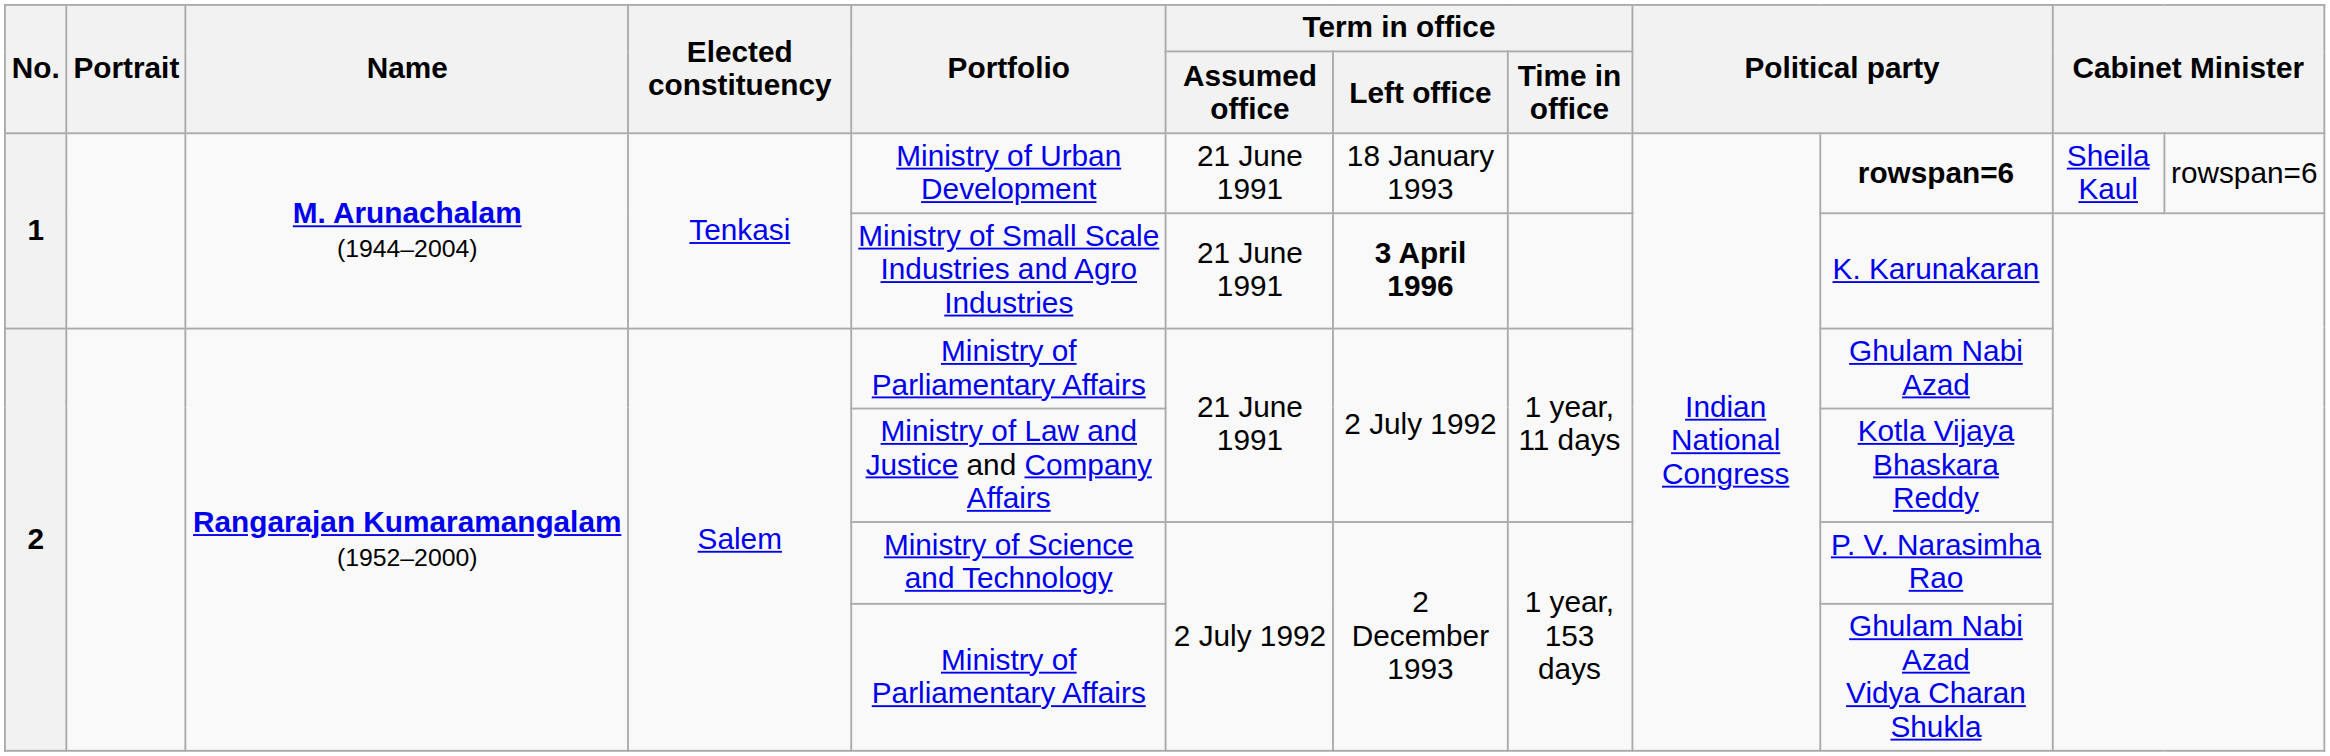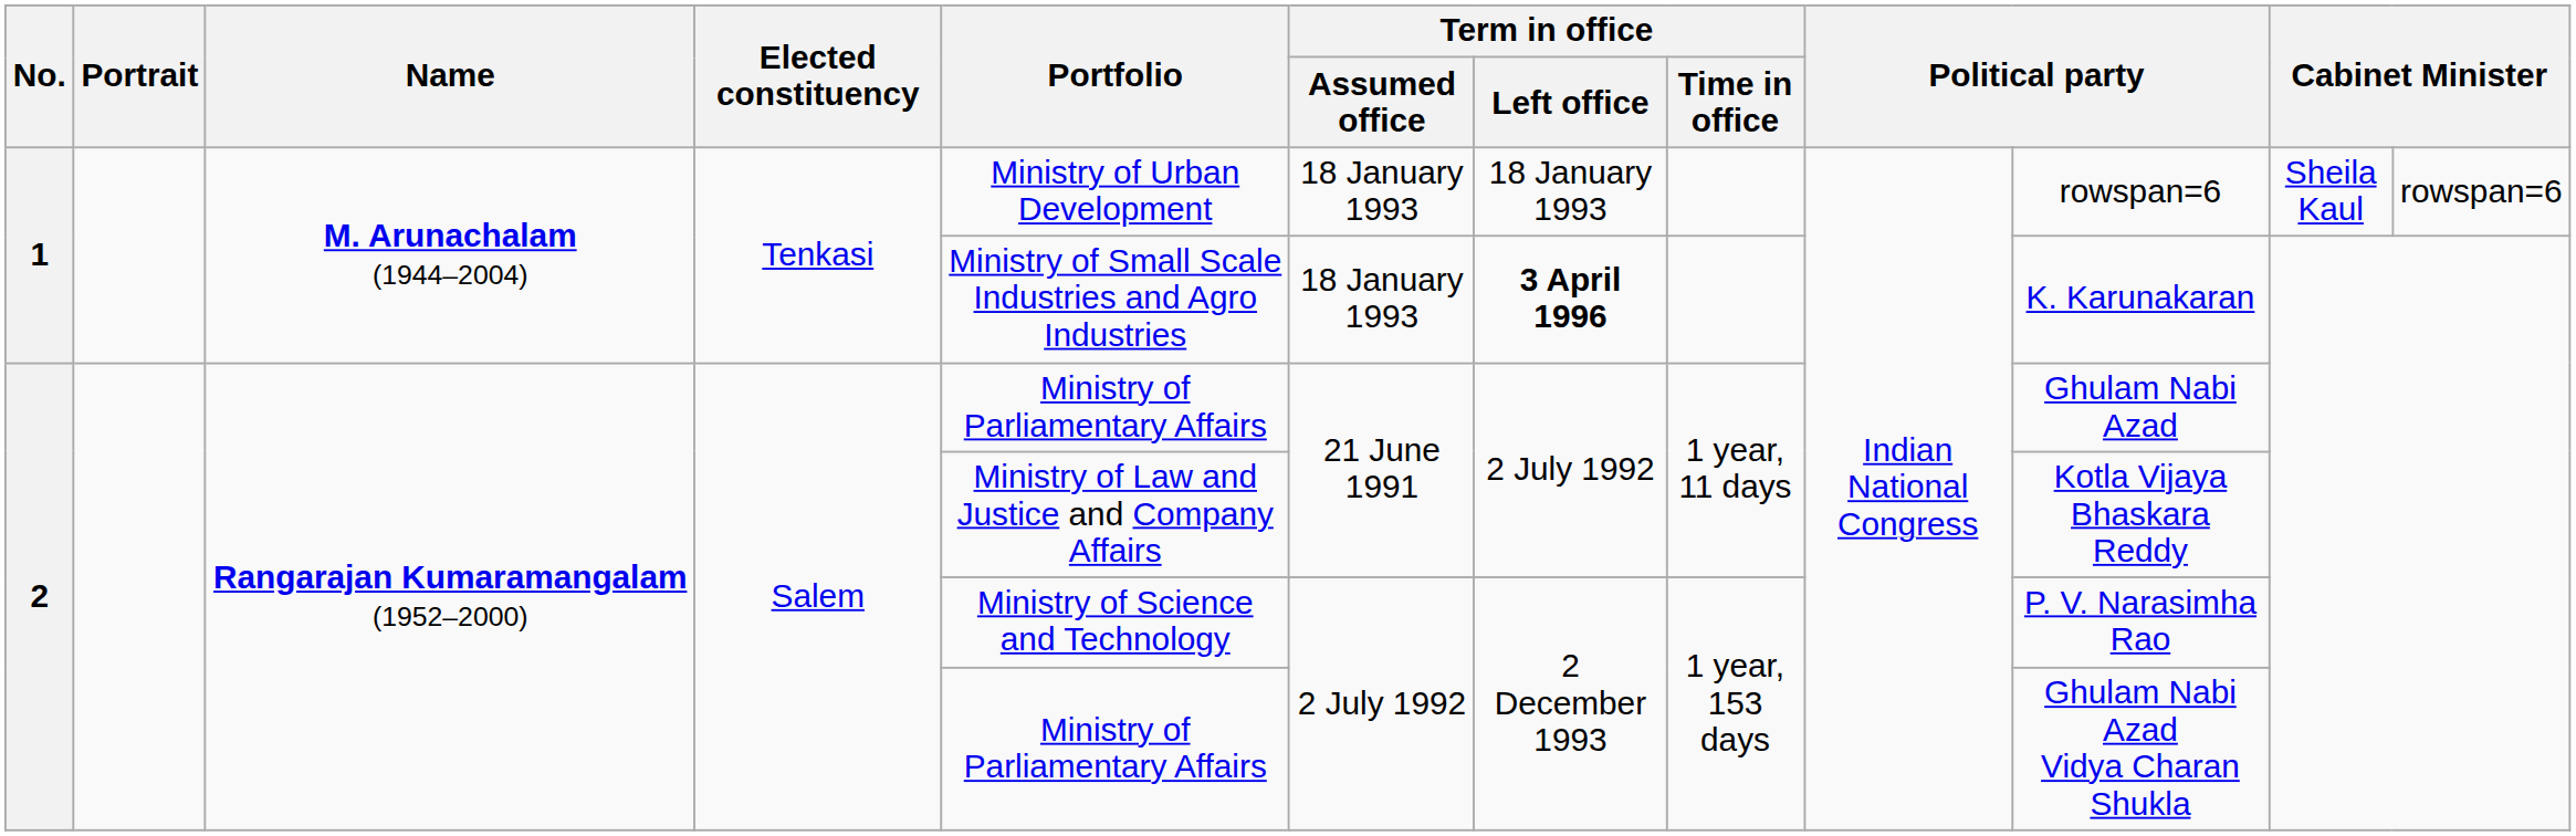 <table class="wikitable sortable" style="text-align:center;">
 <tr>
 <th rowspan=2>No.</th>
 <th rowspan=2>Portrait</th>
 <th rowspan=2>Name<br></th>
 <th rowspan=2>Elected constituency</th>
 <th rowspan=2>Portfolio</th>
 <th colspan=3>Term in office</th>
 <th rowspan=2 colspan=2>Political party</th>
 <th rowspan=2 colspan=2>Cabinet Minister</th>
 </tr>
 <tr>
 <th>Assumed office</th>
 <th>Left office</th>
 <th>Time in office</th>
 </tr>
 <tr>
 <th rowspan=2>1</th>
 <td rowspan=2></td>
 <td rowspan=2><strong><a href='#'>M. Arunachalam</a></strong><br><small>(1944–2004)</small></td>
 <td rowspan=2><a href='#'>Tenkasi</a></td>
 <td><a href='#'>Ministry of Urban Development</a></td>
-<td>21 June 1991</td>
+<td>18 January 1993</td>
 <td>18 January 1993</td>
 <td></td>
 <td rowspan=6><a href='#'>Indian National Congress</a></td>
-<td><strong>rowspan=6 </strong></td>
+<td>rowspan=6 </td>
 <td><a href='#'>Sheila Kaul</a></td>
 <td>rowspan=6 </td>
 </tr>
 <tr>
 <td><a href='#'>Ministry of Small Scale Industries and Agro Industries</a></td>
-<td>21 June 1991</td>
+<td>18 January 1993</td>
 <td><strong>3 April 1996</strong></td>
 <td></td>
 <td><a href='#'>K. Karunakaran</a></td>
 </tr>
 <tr>
 <th rowspan=4>2</th>
 <td rowspan=4></td>
 <td rowspan=4><strong><a href='#'>Rangarajan&nbsp;Kumaramangalam</a></strong><br><small>(1952–2000)</small></td>
 <td rowspan=4><a href='#'>Salem</a></td>
 <td><a href='#'>Ministry of Parliamentary Affairs</a></td>
 <td rowspan=2>21 June 1991</td>
 <td rowspan=2>2 July 1992</td>
 <td rowspan=2>1 year, 11 days</td>
 <td><a href='#'>Ghulam Nabi Azad</a></td>
 </tr>
 <tr>
 <td><a href='#'>Ministry of Law and Justice</a> and <a href='#'>Company Affairs</a></td>
 <td><a href='#'>Kotla Vijaya Bhaskara Reddy</a></td>
 </tr>
 <tr>
 <td><a href='#'>Ministry of Science and Technology</a></td>
 <td rowspan=2>2 July 1992</td>
 <td rowspan=2>2 December 1993</td>
 <td rowspan=2>1 year, 153 days</td>
 <td><a href='#'>P. V. Narasimha Rao</a></td>
 </tr>
 <tr>
 <td><a href='#'>Ministry of Parliamentary Affairs</a></td>
 <td><a href='#'>Ghulam Nabi Azad</a><br><a href='#'>Vidya Charan Shukla</a></td>
 </tr>
 </table>
